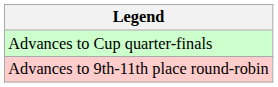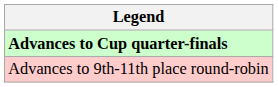 <table class="wikitable">
 <tr>
 <th>Legend</th>
 </tr>
 <tr bgcolor=ccffcc>
-<td>Advances to Cup quarter-finals</td>
+<td><strong>Advances to Cup quarter-finals</strong></td>
 </tr>
 <tr bgcolor=ffcccc>
 <td>Advances to 9th-11th place round-robin</td>
 </tr>
 </table>
